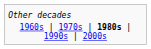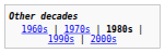 <table class="infobox" width=230>
 <tr>
 <td></td>
 </tr>
 <tr>
-<td><em>Other decades</em></td>
+<td><strong><em>Other decades</em></strong></td>
 </tr>
 <tr>
 <td align="center"><a href='#'>1960s</a> | <a href='#'>1970s</a> | <strong>1980s</strong> | <a href='#'>1990s</a> | <a href='#'>2000s</a></td>
 </tr>
 </table>
